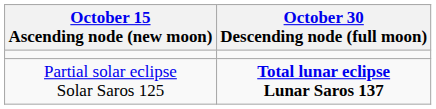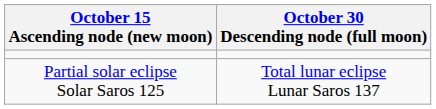 <table class="wikitable">
 <tr>
 <th><a href='#'>October 15</a><br>Ascending node (new moon)<br></th>
 <th><a href='#'>October 30</a><br>Descending node (full moon)<br></th>
 </tr>
 <tr>
 <td></td>
 <td></td>
 </tr>
 <tr align=center>
 <td><a href='#'>Partial solar eclipse</a><br>Solar Saros 125</td>
-<td><strong><a href='#'>Total lunar eclipse</a><br>Lunar Saros 137</strong></td>
+<td><a href='#'>Total lunar eclipse</a><br>Lunar Saros 137</td>
 </tr>
 </table>
